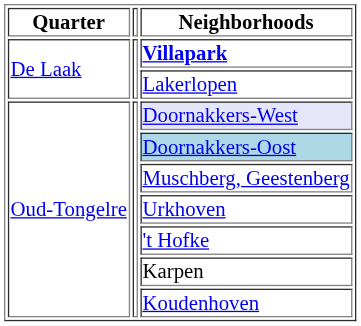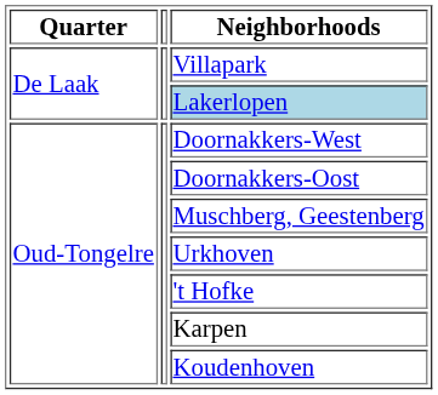 <table border=1>
 <tr>
 <th>Quarter</th>
 <th></th>
 <th>Neighborhoods</th>
 </tr>
 <tr>
 <td rowspan=2><a href='#'>De Laak</a></td>
 <td rowspan=2></td>
-<td><strong><a href='#'>Villapark</a></strong></td>
+<td><a href='#'>Villapark</a></td>
 </tr>
 <tr>
-<td><a href='#'>Lakerlopen</a></td>
+<td style="background: lightblue;"><a href='#'>Lakerlopen</a></td>
 </tr>
 <tr>
 <td rowspan=7><a href='#'>Oud-Tongelre</a></td>
 <td rowspan=7></td>
-<td style="background: lavender;"><a href='#'>Doornakkers-West</a></td>
+<td><a href='#'>Doornakkers-West</a></td>
 </tr>
 <tr>
-<td style="background: lightblue;"><a href='#'>Doornakkers-Oost</a></td>
+<td><a href='#'>Doornakkers-Oost</a></td>
 </tr>
 <tr>
 <td><a href='#'>Muschberg, Geestenberg</a></td>
 </tr>
 <tr>
 <td><a href='#'>Urkhoven</a></td>
 </tr>
 <tr>
 <td><a href='#'>'t Hofke</a></td>
 </tr>
 <tr>
 <td>Karpen</td>
 </tr>
 <tr>
 <td><a href='#'>Koudenhoven</a></td>
 </tr>
 </table>
